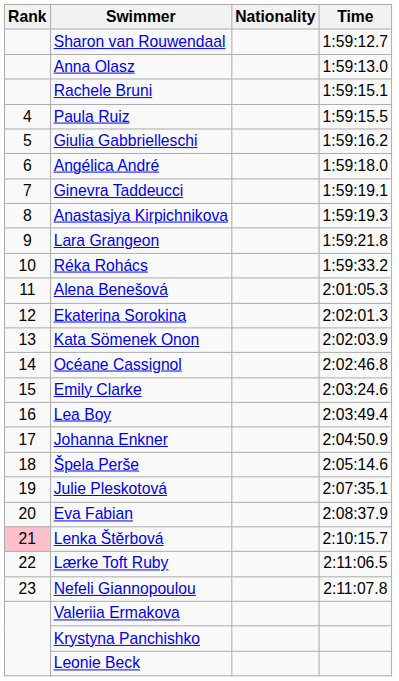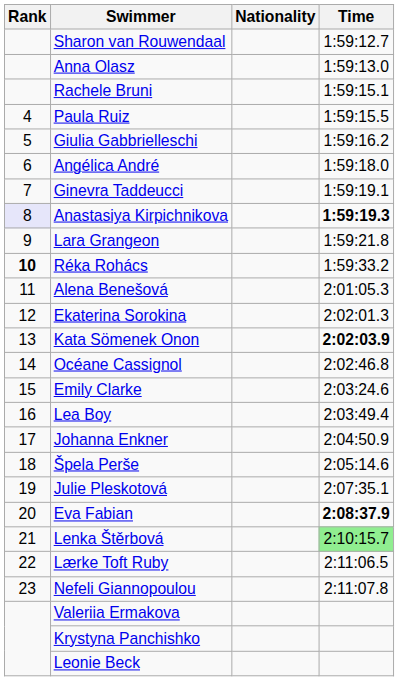 <table class="wikitable sortable" style="text-align:center">
 <tr>
 <th>Rank</th>
 <th>Swimmer</th>
 <th>Nationality</th>
 <th>Time</th>
 </tr>
 <tr>
 <td></td>
 <td align=left><a href='#'>Sharon van Rouwendaal</a></td>
 <td align=left></td>
 <td>1:59:12.7</td>
 </tr>
 <tr>
 <td></td>
 <td align=left><a href='#'>Anna Olasz</a></td>
 <td align=left></td>
 <td>1:59:13.0</td>
 </tr>
 <tr>
 <td></td>
 <td align=left><a href='#'>Rachele Bruni</a></td>
 <td align=left></td>
 <td>1:59:15.1</td>
 </tr>
 <tr>
 <td>4</td>
 <td align=left><a href='#'>Paula Ruiz</a></td>
 <td align=left></td>
 <td>1:59:15.5</td>
 </tr>
 <tr>
 <td>5</td>
 <td align=left><a href='#'>Giulia Gabbrielleschi</a></td>
 <td align=left></td>
 <td>1:59:16.2</td>
 </tr>
 <tr>
 <td>6</td>
 <td align=left><a href='#'>Angélica André</a></td>
 <td align=left></td>
 <td>1:59:18.0</td>
 </tr>
 <tr>
 <td>7</td>
 <td align=left><a href='#'>Ginevra Taddeucci</a></td>
 <td align=left></td>
 <td>1:59:19.1</td>
 </tr>
 <tr>
-<td>8</td>
+<td style="background: lavender;">8</td>
 <td align=left><a href='#'>Anastasiya Kirpichnikova</a></td>
 <td align=left></td>
-<td>1:59:19.3</td>
+<td><strong>1:59:19.3</strong></td>
 </tr>
 <tr>
 <td>9</td>
 <td align=left><a href='#'>Lara Grangeon</a></td>
 <td align=left></td>
 <td>1:59:21.8</td>
 </tr>
 <tr>
-<td>10</td>
+<td><strong>10</strong></td>
 <td align=left><a href='#'>Réka Rohács</a></td>
 <td align=left></td>
 <td>1:59:33.2</td>
 </tr>
 <tr>
 <td>11</td>
 <td align=left><a href='#'>Alena Benešová</a></td>
 <td align=left></td>
 <td>2:01:05.3</td>
 </tr>
 <tr>
 <td>12</td>
 <td align=left><a href='#'>Ekaterina Sorokina</a></td>
 <td align=left></td>
 <td>2:02:01.3</td>
 </tr>
 <tr>
 <td>13</td>
 <td align=left><a href='#'>Kata Sömenek Onon</a></td>
 <td align=left></td>
-<td>2:02:03.9</td>
+<td><strong>2:02:03.9</strong></td>
 </tr>
 <tr>
 <td>14</td>
 <td align=left><a href='#'>Océane Cassignol</a></td>
 <td align=left></td>
 <td>2:02:46.8</td>
 </tr>
 <tr>
 <td>15</td>
 <td align=left><a href='#'>Emily Clarke</a></td>
 <td align=left></td>
 <td>2:03:24.6</td>
 </tr>
 <tr>
 <td>16</td>
 <td align=left><a href='#'>Lea Boy</a></td>
 <td align=left></td>
 <td>2:03:49.4</td>
 </tr>
 <tr>
 <td>17</td>
 <td align=left><a href='#'>Johanna Enkner</a></td>
 <td align=left></td>
 <td>2:04:50.9</td>
 </tr>
 <tr>
 <td>18</td>
 <td align=left><a href='#'>Špela Perše</a></td>
 <td align=left></td>
 <td>2:05:14.6</td>
 </tr>
 <tr>
 <td>19</td>
 <td align=left><a href='#'>Julie Pleskotová</a></td>
 <td align=left></td>
 <td>2:07:35.1</td>
 </tr>
 <tr>
 <td>20</td>
 <td align=left><a href='#'>Eva Fabian</a></td>
 <td align=left></td>
-<td>2:08:37.9</td>
+<td><strong>2:08:37.9</strong></td>
 </tr>
 <tr>
-<td style="background: pink;">21</td>
+<td>21</td>
 <td align=left><a href='#'>Lenka Štěrbová</a></td>
 <td align=left></td>
-<td>2:10:15.7</td>
+<td style="background: lightgreen;">2:10:15.7</td>
 </tr>
 <tr>
 <td>22</td>
 <td align=left><a href='#'>Lærke Toft Ruby</a></td>
 <td align=left></td>
 <td>2:11:06.5</td>
 </tr>
 <tr>
 <td>23</td>
 <td align=left><a href='#'>Nefeli Giannopoulou</a></td>
 <td align=left></td>
 <td>2:11:07.8</td>
 </tr>
 <tr>
 <td rowspan=3></td>
 <td align=left><a href='#'>Valeriia Ermakova</a></td>
 <td align=left></td>
 <td></td>
 </tr>
 <tr>
 <td align=left><a href='#'>Krystyna Panchishko</a></td>
 <td align=left></td>
 <td></td>
 </tr>
 <tr>
 <td align=left><a href='#'>Leonie Beck</a></td>
 <td align=left></td>
 <td></td>
 </tr>
 </table>
